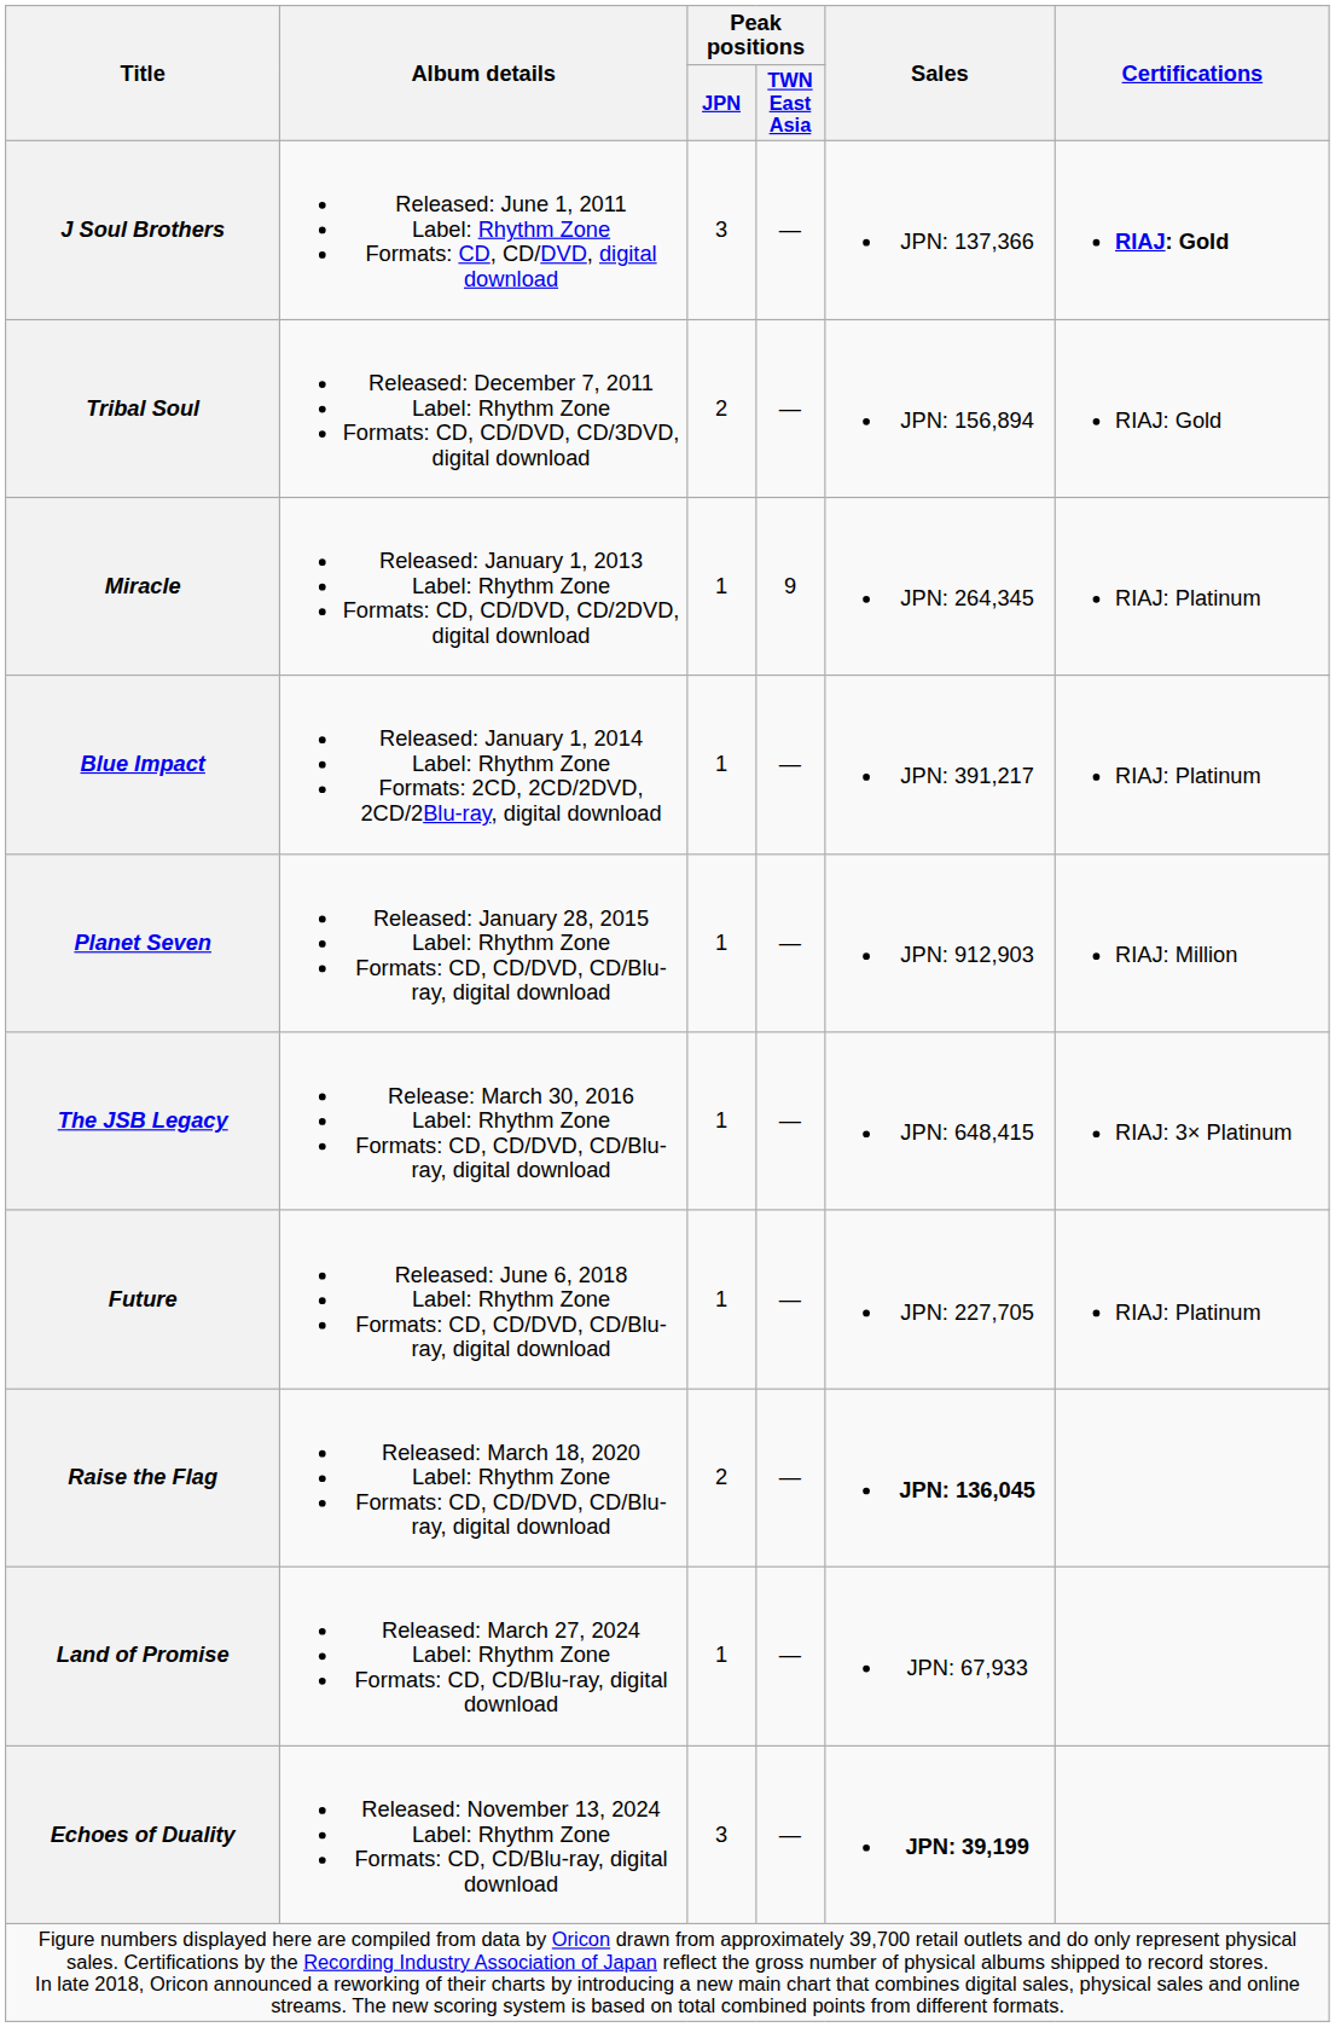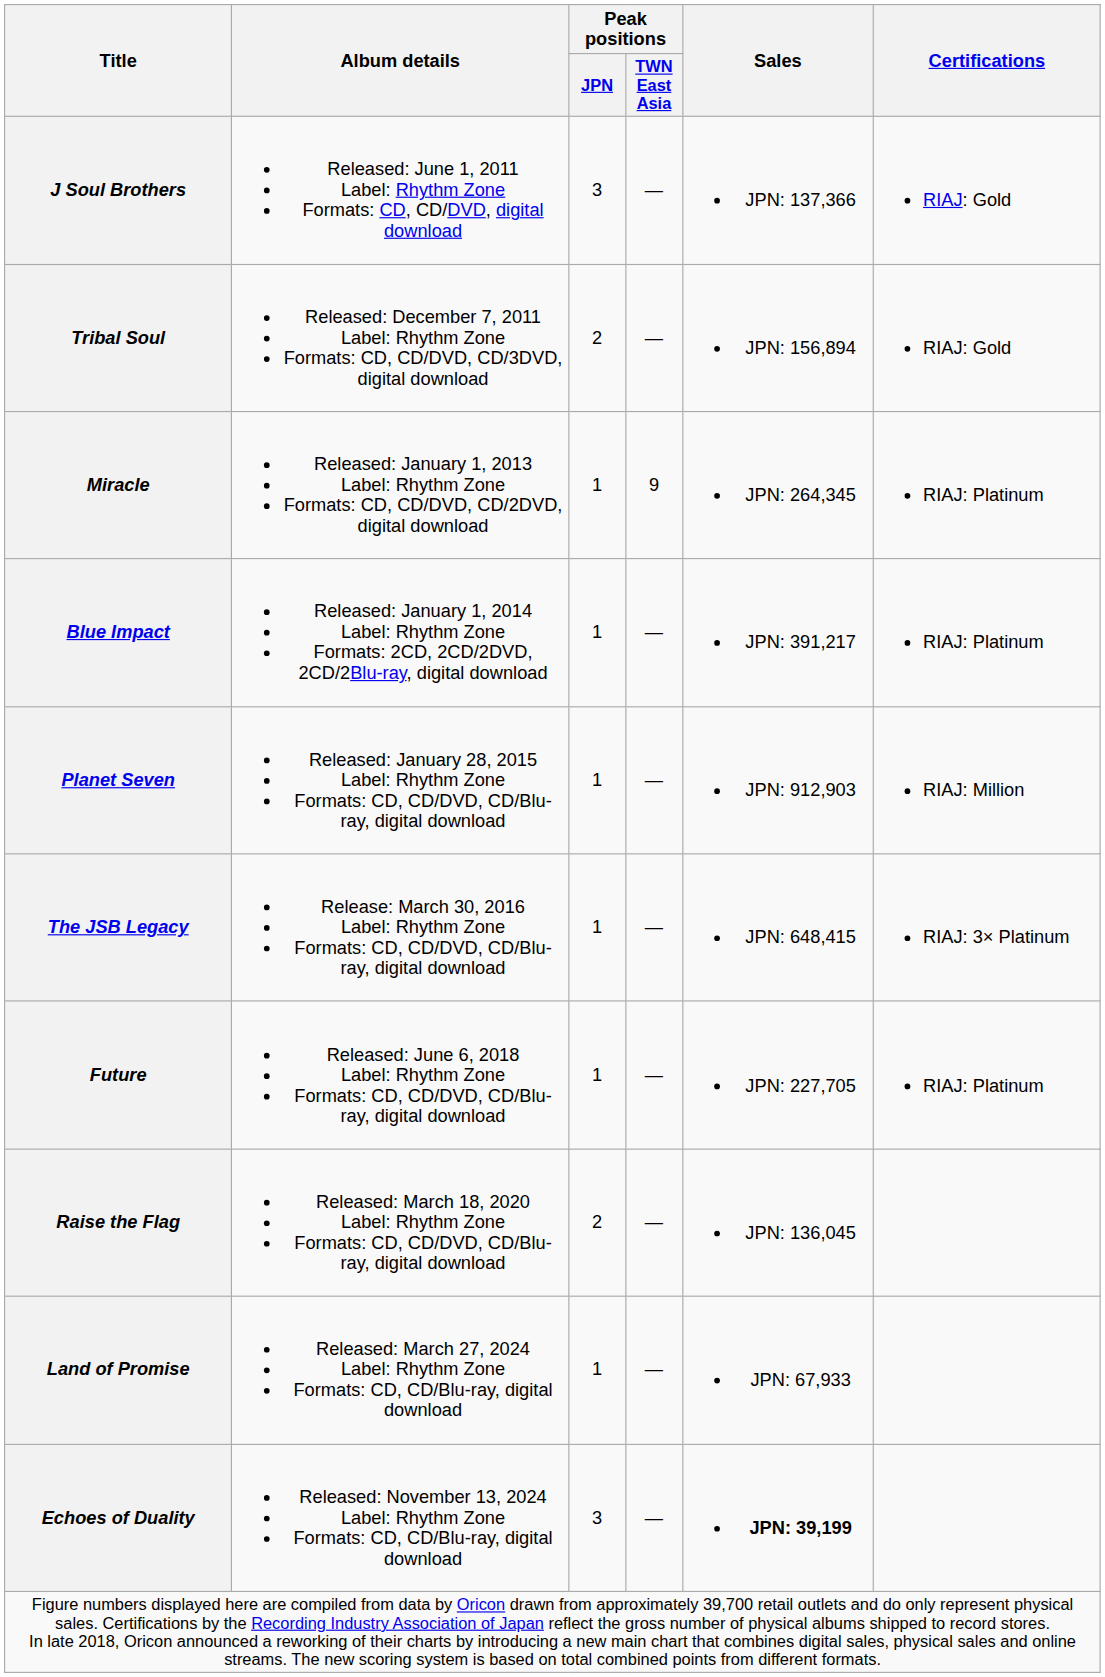 <table class="wikitable plainrowheaders" style="text-align:center;">
 <tr>
 <th scope="col" style="width:12em;" rowspan="2">Title</th>
 <th scope="col" style="width:18em;" rowspan="2">Album details</th>
 <th scope="col" colspan="2">Peak positions</th>
 <th scope="col" style="width:10em;" rowspan="2">Sales</th>
 <th scope="col" style="width:12em;" rowspan="2"><a href='#'>Certifications</a></th>
 </tr>
 <tr>
 <th scope="col" style="width:3em;font-size:90%;"><a href='#'>JPN</a><br></th>
 <th scope="col" style="width:3em;font-size:90%;"><a href='#'>TWN East Asia</a><br></th>
 </tr>
 <tr>
 <th scope="row"><em>J Soul Brothers</em></th>
 <td><br><ul><li>Released: June 1, 2011 </li><li>Label: <a href='#'>Rhythm Zone</a></li><li>Formats: <a href='#'>CD</a>, CD/<a href='#'>DVD</a>, <a href='#'>digital download</a></li></ul></td>
 <td>3</td>
 <td>—</td>
 <td><br><ul><li>JPN: 137,366</li></ul></td>
-<td align="left"><strong><br><ul><li><a href='#'>RIAJ</a>: Gold</li></ul></strong></td>
+<td align="left"><br><ul><li><a href='#'>RIAJ</a>: Gold</li></ul></td>
 </tr>
 <tr>
 <th scope="row"><em>Tribal Soul</em></th>
 <td><br><ul><li>Released: December 7, 2011 </li><li>Label: Rhythm Zone</li><li>Formats: CD, CD/DVD, CD/3DVD, digital download</li></ul></td>
 <td>2</td>
 <td>—</td>
 <td><br><ul><li>JPN: 156,894</li></ul></td>
 <td align="left"><br><ul><li>RIAJ: Gold</li></ul></td>
 </tr>
 <tr>
 <th scope="row"><em>Miracle</em></th>
 <td><br><ul><li>Released: January 1, 2013 </li><li>Label: Rhythm Zone</li><li>Formats: CD, CD/DVD, CD/2DVD, digital download</li></ul></td>
 <td>1</td>
 <td>9</td>
 <td><br><ul><li>JPN: 264,345</li></ul></td>
 <td align="left"><br><ul><li>RIAJ: Platinum</li></ul></td>
 </tr>
 <tr>
 <th scope="row"><em><a href='#'>Blue Impact</a></em></th>
 <td><br><ul><li>Released: January 1, 2014 </li><li>Label: Rhythm Zone</li><li>Formats: 2CD, 2CD/2DVD, 2CD/2<a href='#'>Blu-ray</a>, digital download</li></ul></td>
 <td>1</td>
 <td>—</td>
 <td><br><ul><li>JPN: 391,217</li></ul></td>
 <td align="left"><br><ul><li>RIAJ: Platinum</li></ul></td>
 </tr>
 <tr>
 <th scope="row"><em><a href='#'>Planet Seven</a></em></th>
 <td><br><ul><li>Released: January 28, 2015 </li><li>Label: Rhythm Zone</li><li>Formats: CD, CD/DVD, CD/Blu-ray, digital download</li></ul></td>
 <td>1</td>
 <td>—</td>
 <td><br><ul><li>JPN: 912,903</li></ul></td>
 <td align="left"><br><ul><li>RIAJ: Million</li></ul></td>
 </tr>
 <tr>
 <th scope="row"><em><a href='#'>The JSB Legacy</a></em></th>
 <td><br><ul><li>Release: March 30, 2016 </li><li>Label: Rhythm Zone</li><li>Formats: CD, CD/DVD, CD/Blu-ray, digital download</li></ul></td>
 <td>1</td>
 <td>—</td>
 <td><br><ul><li>JPN: 648,415</li></ul></td>
 <td align="left"><br><ul><li>RIAJ: 3× Platinum</li></ul></td>
 </tr>
 <tr>
 <th scope="row"><em>Future</em></th>
 <td><br><ul><li>Released: June 6, 2018 </li><li>Label: Rhythm Zone</li><li>Formats: CD, CD/DVD, CD/Blu-ray, digital download</li></ul></td>
 <td>1</td>
 <td>—</td>
 <td><br><ul><li>JPN: 227,705</li></ul></td>
 <td align="left"><br><ul><li>RIAJ: Platinum</li></ul></td>
 </tr>
 <tr>
 <th scope="row"><em>Raise the Flag</em></th>
 <td><br><ul><li>Released: March 18, 2020 </li><li>Label: Rhythm Zone</li><li>Formats: CD, CD/DVD, CD/Blu-ray, digital download</li></ul></td>
 <td>2</td>
 <td>—</td>
-<td><strong><br><ul><li>JPN: 136,045</li></ul></strong></td>
+<td><br><ul><li>JPN: 136,045</li></ul></td>
 <td></td>
 </tr>
 <tr>
 <th scope="row"><em>Land of Promise</em></th>
 <td><br><ul><li>Released: March 27, 2024 </li><li>Label: Rhythm Zone</li><li>Formats: CD, CD/Blu-ray, digital download</li></ul></td>
 <td>1</td>
 <td>—</td>
 <td><br><ul><li>JPN: 67,933</li></ul></td>
 <td></td>
 </tr>
 <tr>
 <th scope="row"><em>Echoes of Duality</em></th>
 <td><br><ul><li>Released: November 13, 2024 </li><li>Label: Rhythm Zone</li><li>Formats: CD, CD/Blu-ray, digital download</li></ul></td>
 <td>3</td>
 <td>—</td>
 <td><strong><br><ul><li>JPN: 39,199</li></ul></strong></td>
 <td></td>
 </tr>
 <tr>
 <td colspan="12" align="center" style="font-size:90%;">Figure numbers displayed here are compiled from data by <a href='#'>Oricon</a> drawn from approximately 39,700 retail outlets and do only represent physical sales. Certifications by the <a href='#'>Recording Industry Association of Japan</a> reflect the gross number of physical albums shipped to record stores.<br>In late 2018, Oricon announced a reworking of their charts by introducing a new main chart that combines digital sales, physical sales and online streams. The new scoring system is based on total combined points from different formats.</td>
 </tr>
 </table>
